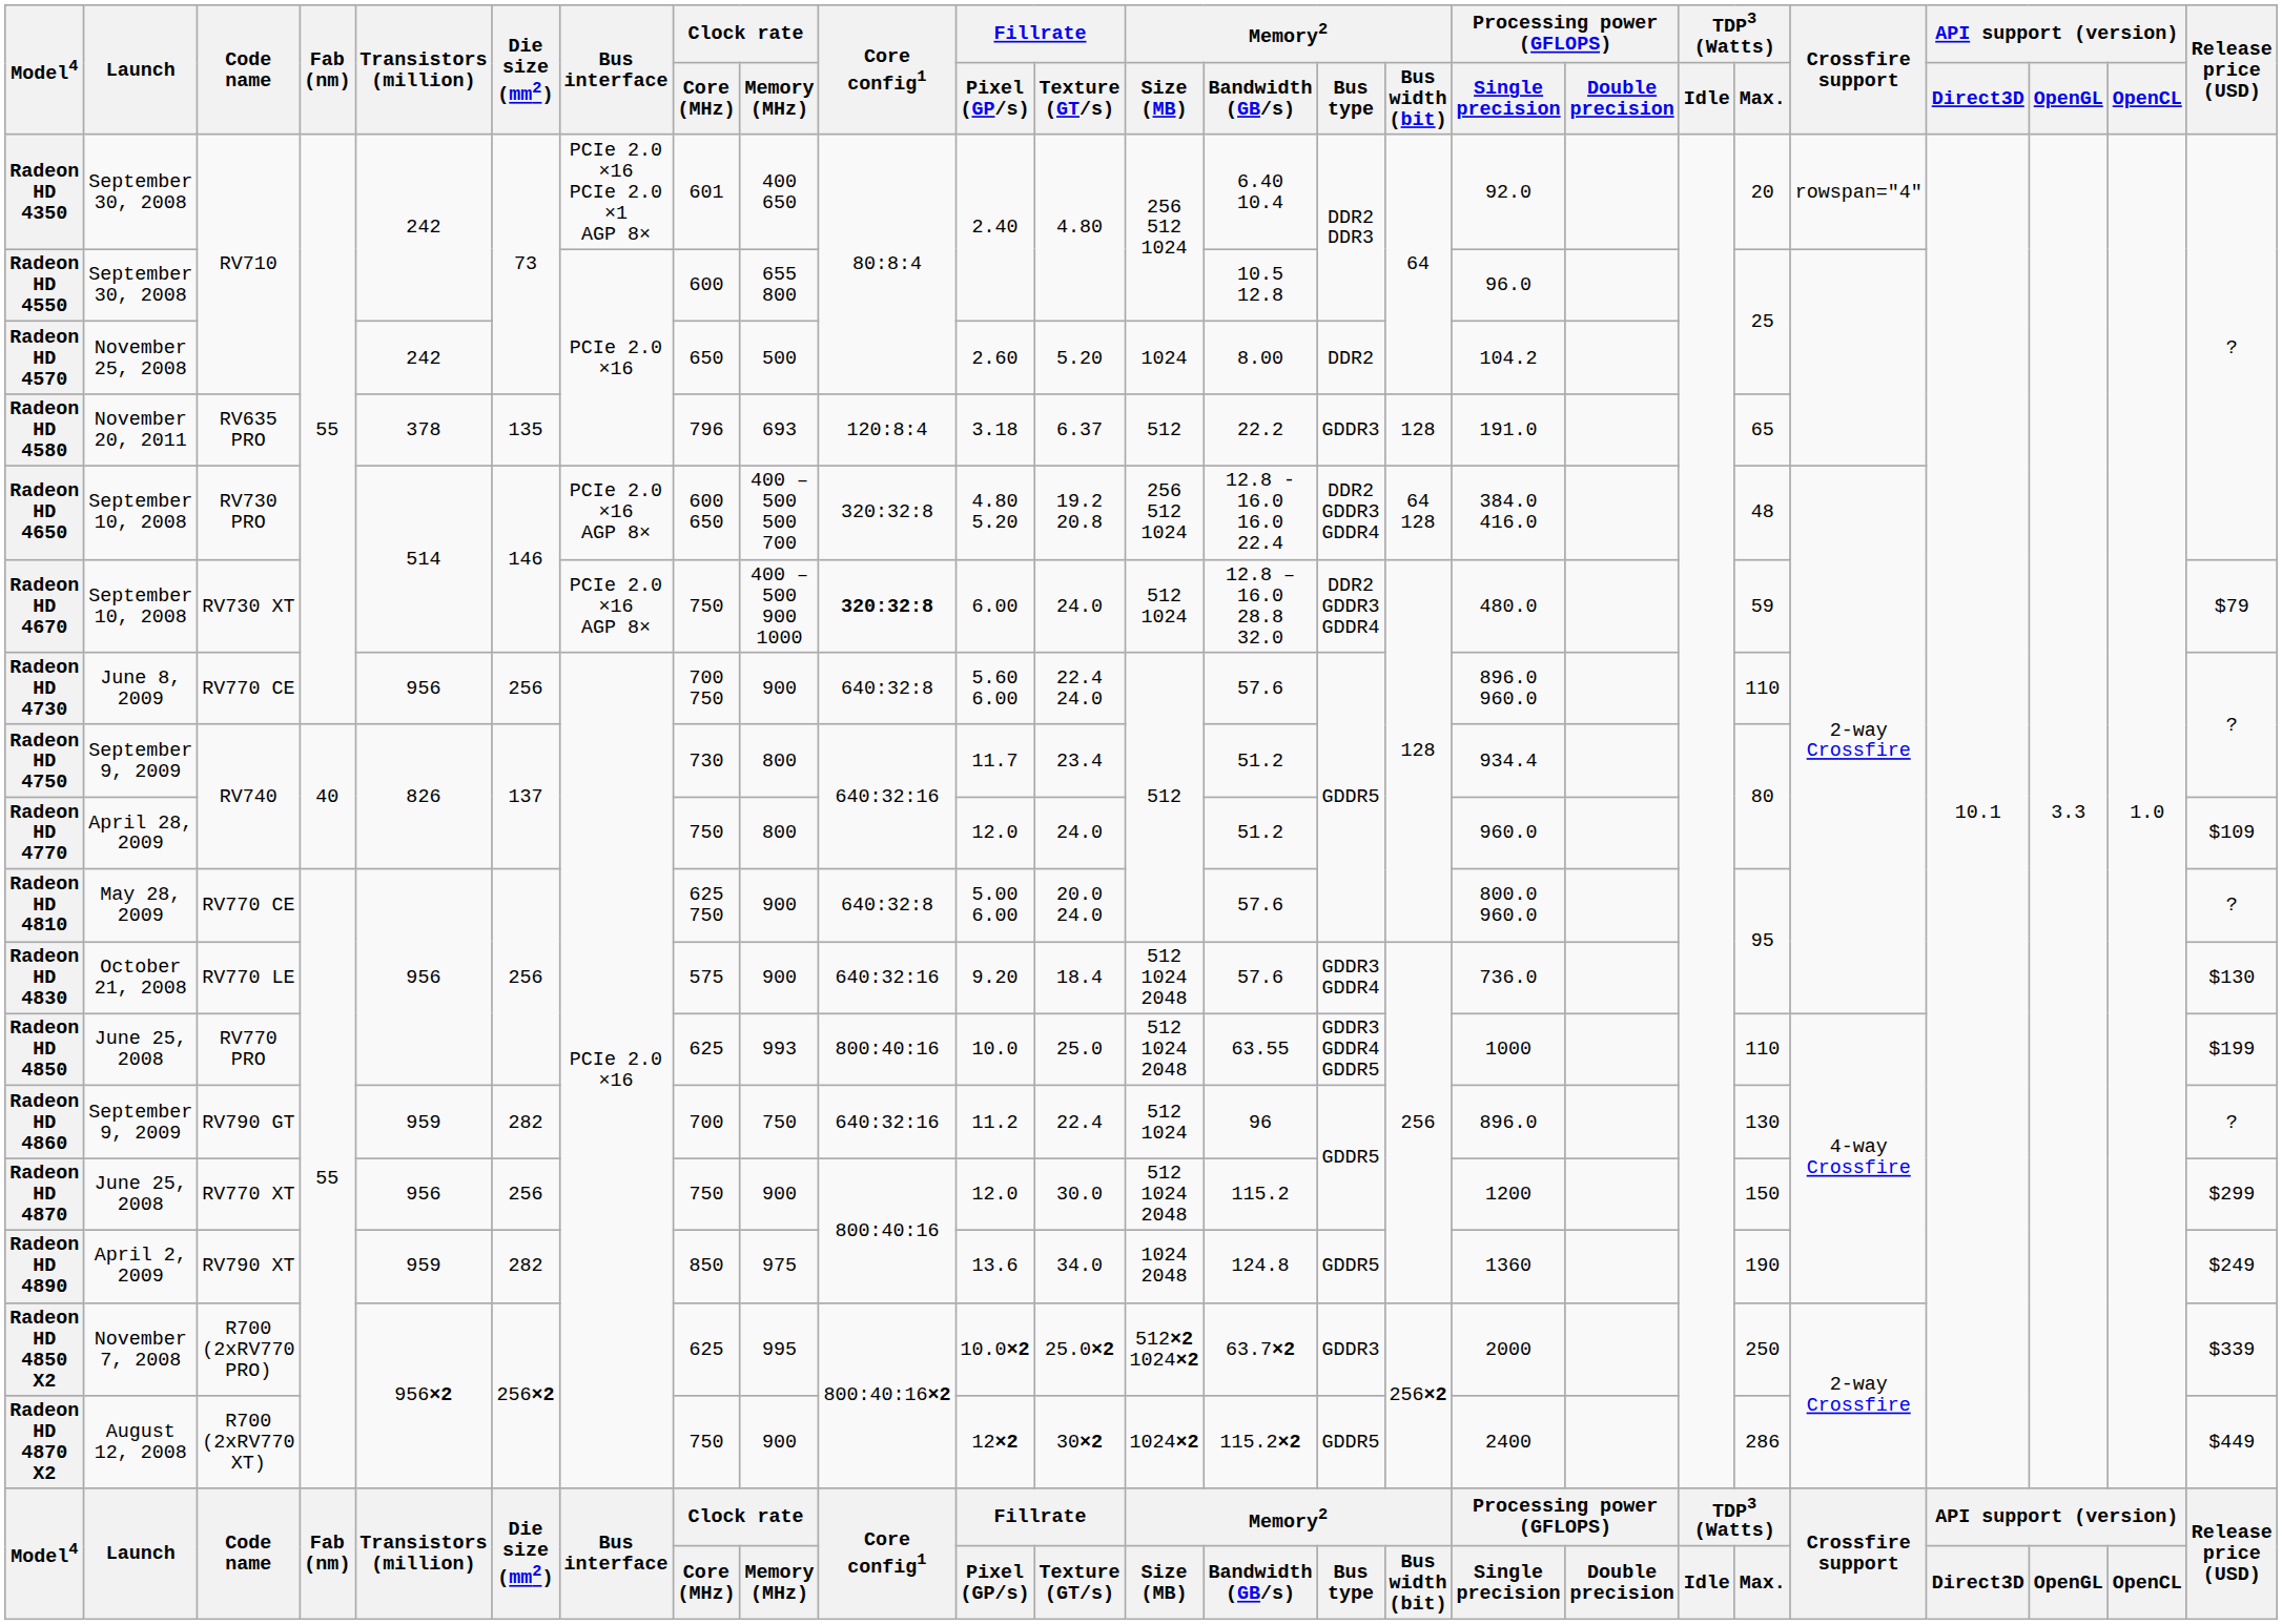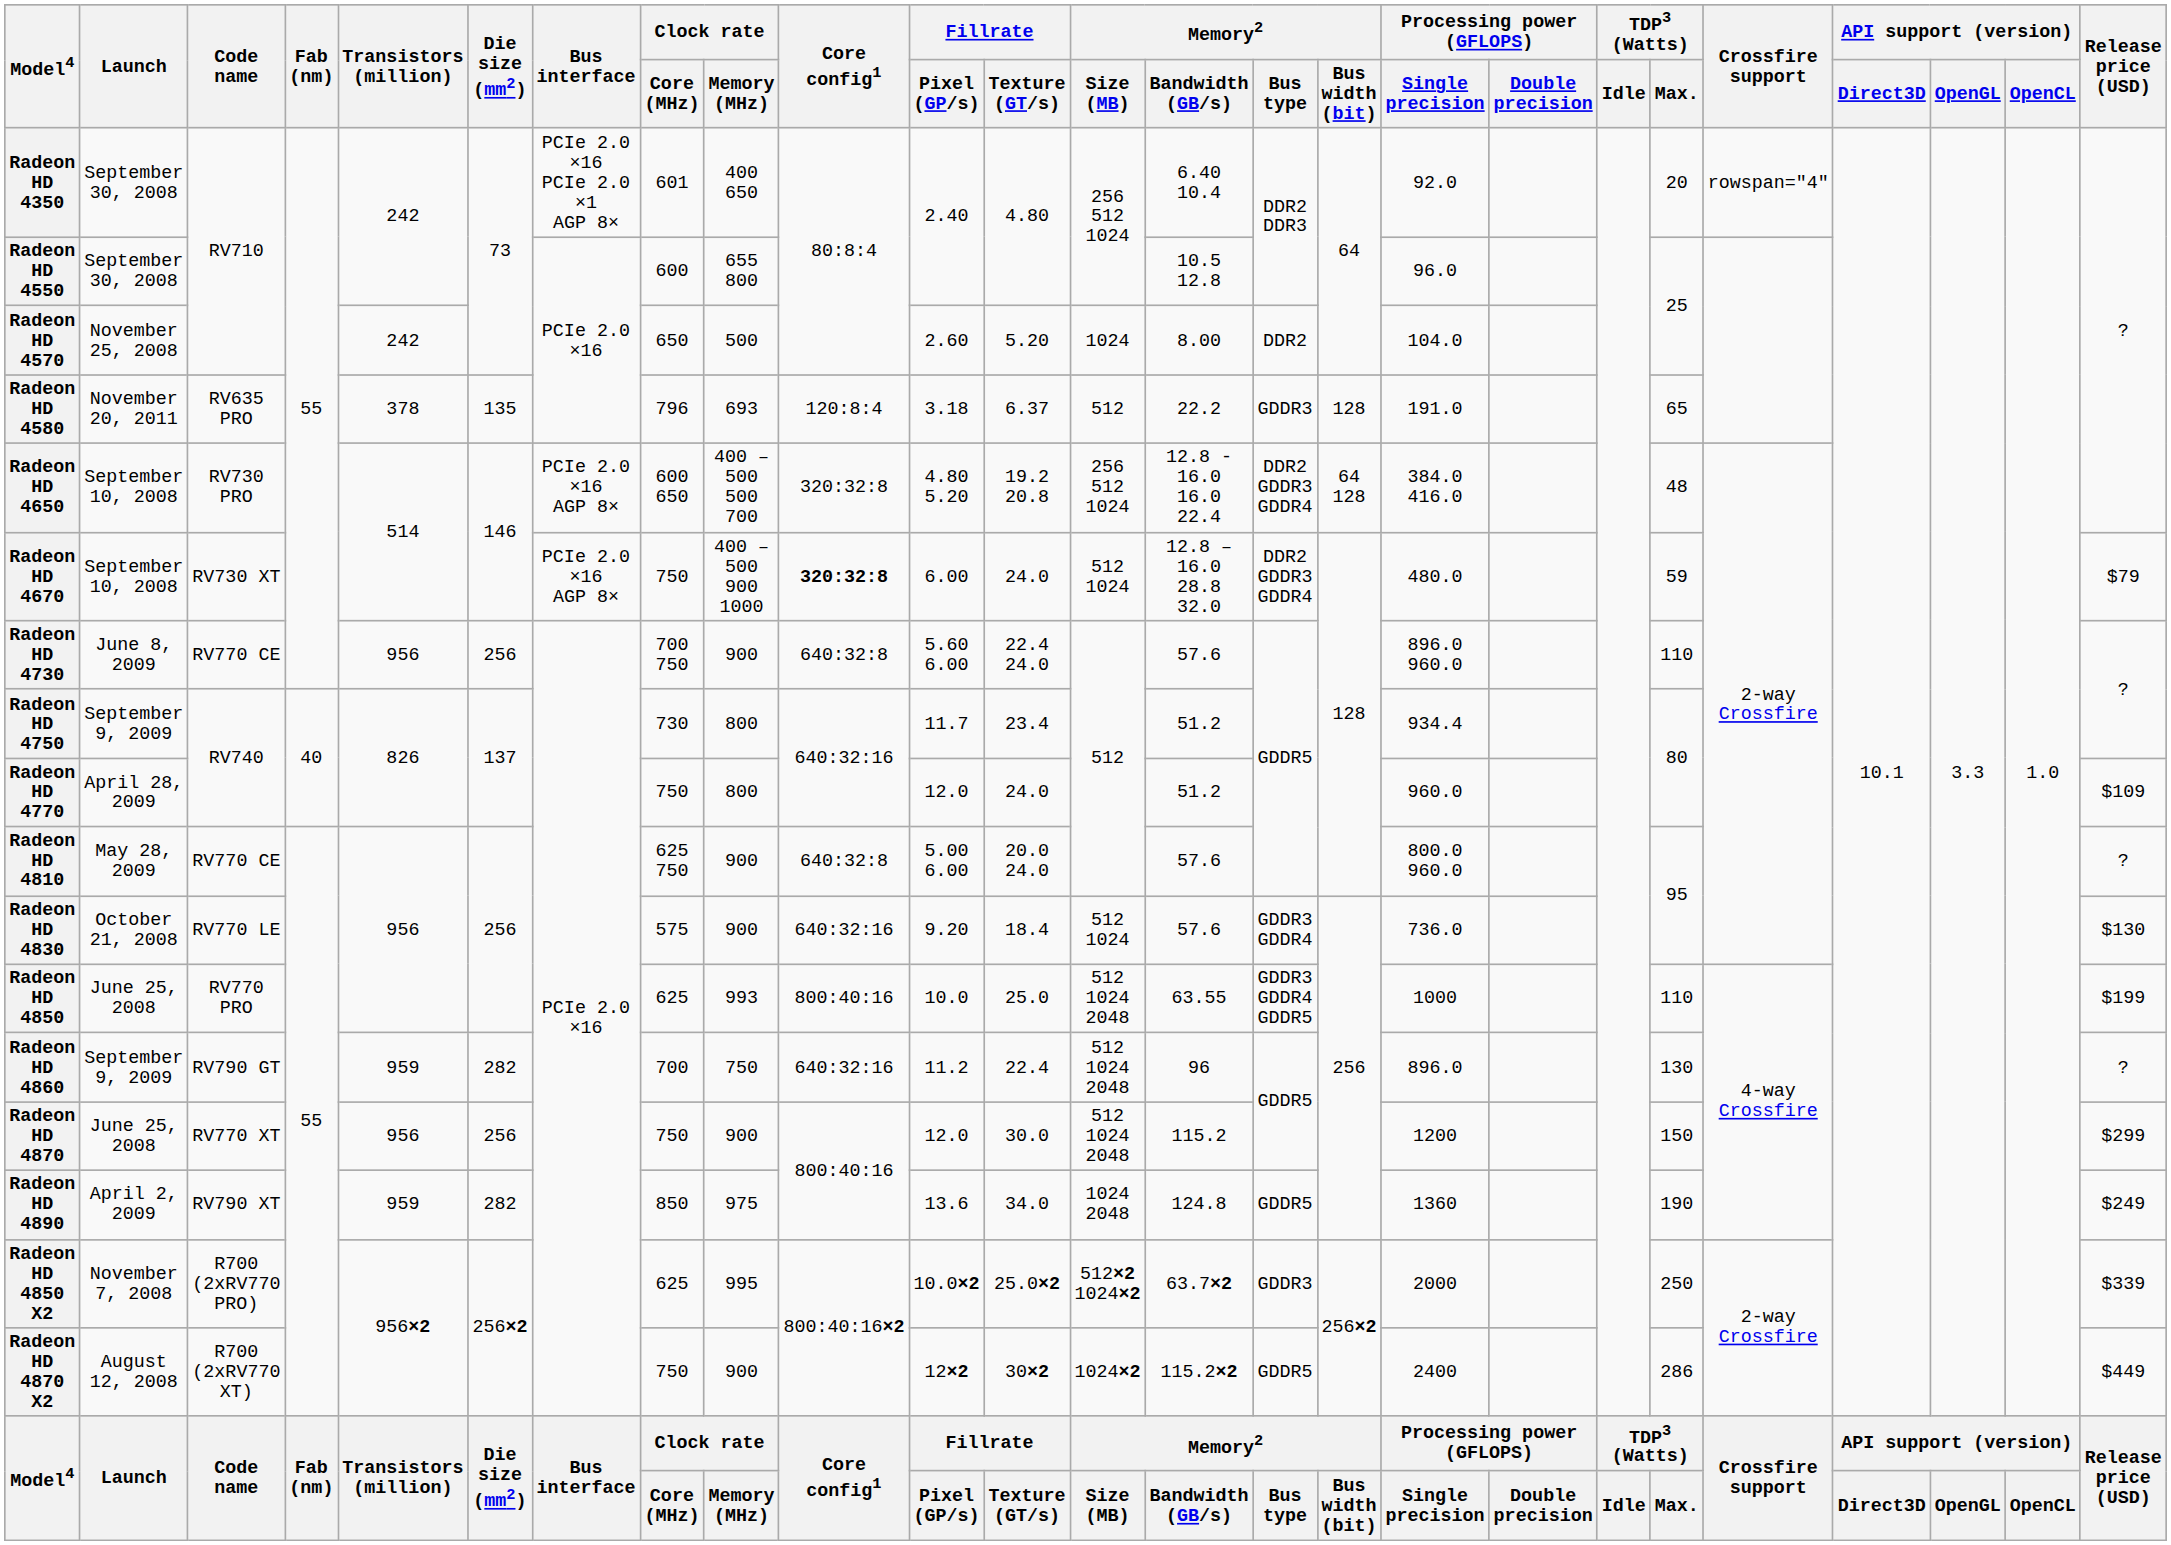 <table class="mw-datatable wikitable sortable sort-under" style="font-size:85%; text-align:center;">
 <tr>
 <th rowspan="2">Model<sup>4</sup></th>
 <th rowspan="2">Launch</th>
 <th rowspan="2">Code name</th>
 <th rowspan="2">Fab (nm)</th>
 <th rowspan="2">Transistors (million)</th>
 <th rowspan="2">Die size (<a href='#'>mm<sup>2</sup></a>)</th>
 <th rowspan="2">Bus interface</th>
 <th colspan="2">Clock rate</th>
 <th rowspan="2">Core config<sup>1</sup></th>
 <th colspan="2"><a href='#'>Fillrate</a></th>
 <th colspan="4">Memory<sup>2</sup></th>
 <th colspan="2">Processing power<br>(<a href='#'>GFLOPS</a>)</th>
 <th colspan="2">TDP<sup>3</sup> (Watts)</th>
 <th rowspan="2">Crossfire support</th>
 <th colspan="3"><a href='#'>API</a> support (version)</th>
 <th rowspan="2">Release price (USD)</th>
 </tr>
 <tr>
 <th>Core (MHz)</th>
 <th>Memory (MHz)</th>
 <th>Pixel (<a href='#'>GP</a>/s)</th>
 <th>Texture (<a href='#'>GT</a>/s)</th>
 <th>Size (<a href='#'>MB</a>)</th>
 <th>Bandwidth (<a href='#'>GB</a>/s)</th>
 <th>Bus type</th>
 <th>Bus width (<a href='#'>bit</a>)</th>
 <th><a href='#'>Single precision</a></th>
 <th><a href='#'>Double precision</a></th>
 <th>Idle</th>
 <th>Max.</th>
 <th><a href='#'>Direct3D</a></th>
 <th><a href='#'>OpenGL</a></th>
 <th><a href='#'>OpenCL</a></th>
 </tr>
 <tr>
 <th>Radeon HD 4350</th>
 <td>September 30, 2008</td>
 <td rowspan="3">RV710</td>
 <td rowspan="7">55</td>
 <td rowspan="2">242</td>
 <td rowspan="3">73</td>
 <td>PCIe 2.0 ×16<br>PCIe 2.0 ×1<br>AGP 8×</td>
 <td>601</td>
 <td>400<br>650</td>
 <td rowspan="3">80:8:4</td>
 <td rowspan="2">2.40</td>
 <td rowspan="2">4.80</td>
 <td rowspan="2">256<br>512<br>1024</td>
 <td>6.40<br>10.4</td>
 <td rowspan="2">DDR2<br>DDR3</td>
 <td rowspan="3">64</td>
 <td>92.0</td>
 <td></td>
 <td rowspan="17"></td>
 <td>20</td>
 <td>rowspan="4" </td>
 <td rowspan="17">10.1</td>
 <td rowspan="17">3.3</td>
 <td rowspan="17">1.0</td>
 <td rowspan="5">?</td>
 </tr>
 <tr>
 <th>Radeon HD 4550</th>
 <td>September 30, 2008</td>
 <td rowspan="3">PCIe 2.0 ×16</td>
 <td>600</td>
 <td>655<br>800</td>
 <td>10.5<br>12.8</td>
 <td>96.0</td>
 <td></td>
 <td rowspan="2">25</td>
 </tr>
 <tr>
 <th>Radeon HD 4570</th>
 <td>November 25, 2008</td>
 <td>242</td>
 <td>650</td>
 <td>500</td>
 <td>2.60</td>
 <td>5.20</td>
 <td>1024</td>
 <td>8.00</td>
 <td>DDR2</td>
-<td>104.2</td>
+<td>104.0</td>
 <td></td>
 </tr>
 <tr>
 <th>Radeon HD 4580</th>
 <td>November 20, 2011</td>
 <td>RV635 PRO</td>
 <td>378</td>
 <td>135</td>
 <td>796</td>
 <td>693</td>
 <td>120:8:4</td>
 <td>3.18</td>
 <td>6.37</td>
 <td>512</td>
 <td>22.2</td>
 <td>GDDR3</td>
 <td>128</td>
 <td>191.0</td>
 <td></td>
 <td>65</td>
 </tr>
 <tr>
 <th>Radeon HD 4650</th>
 <td>September 10, 2008</td>
 <td>RV730 PRO</td>
 <td rowspan="2">514</td>
 <td rowspan="2">146</td>
 <td>PCIe 2.0 ×16<br>AGP 8×</td>
 <td>600<br>650</td>
 <td>400 – 500<br>500<br>700</td>
 <td>320:32:8</td>
 <td>4.80<br>5.20</td>
 <td>19.2<br>20.8</td>
 <td>256<br>512<br>1024</td>
 <td>12.8 - 16.0<br>16.0<br>22.4</td>
 <td>DDR2<br>GDDR3<br>GDDR4</td>
 <td>64<br>128</td>
 <td>384.0<br>416.0</td>
 <td></td>
 <td>48</td>
 <td rowspan=7>2-way <a href='#'>Crossfire</a></td>
 </tr>
 <tr>
 <th>Radeon HD 4670</th>
 <td>September 10, 2008</td>
 <td>RV730 XT</td>
 <td>PCIe 2.0 ×16<br>AGP 8×</td>
 <td>750</td>
 <td>400 – 500<br>900<br>1000</td>
 <td><strong>320:32:8</strong></td>
 <td>6.00</td>
 <td>24.0</td>
 <td>512<br>1024</td>
 <td>12.8 – 16.0<br>28.8<br>32.0</td>
 <td>DDR2<br>GDDR3<br>GDDR4</td>
 <td rowspan="5">128</td>
 <td>480.0</td>
 <td></td>
 <td>59</td>
 <td>$79</td>
 </tr>
 <tr>
 <th>Radeon HD 4730</th>
 <td>June 8, 2009</td>
 <td>RV770 CE</td>
 <td>956</td>
 <td>256</td>
 <td rowspan="11">PCIe 2.0 ×16</td>
 <td>700<br>750</td>
 <td>900</td>
 <td>640:32:8</td>
 <td>5.60<br>6.00</td>
 <td>22.4<br>24.0</td>
 <td rowspan="4">512</td>
 <td>57.6</td>
 <td rowspan="4">GDDR5</td>
 <td>896.0<br>960.0</td>
 <td></td>
 <td>110</td>
 <td rowspan="2">?</td>
 </tr>
 <tr>
 <th>Radeon HD 4750</th>
 <td>September 9, 2009</td>
 <td rowspan="2">RV740</td>
 <td rowspan="2">40</td>
 <td rowspan="2">826</td>
 <td rowspan="2">137</td>
 <td>730</td>
 <td>800</td>
 <td rowspan="2">640:32:16</td>
 <td>11.7</td>
 <td>23.4</td>
 <td>51.2</td>
 <td>934.4</td>
 <td></td>
 <td rowspan="2">80</td>
 </tr>
 <tr>
 <th>Radeon HD 4770</th>
 <td>April 28, 2009</td>
 <td>750</td>
 <td>800</td>
 <td>12.0</td>
 <td>24.0</td>
 <td>51.2</td>
 <td>960.0</td>
 <td></td>
 <td>$109</td>
 </tr>
 <tr>
 <th>Radeon HD 4810</th>
 <td>May 28, 2009</td>
 <td>RV770 CE</td>
 <td rowspan="8">55</td>
 <td rowspan="3">956</td>
 <td rowspan="3">256</td>
 <td>625<br>750</td>
 <td>900</td>
 <td>640:32:8</td>
 <td>5.00<br>6.00</td>
 <td>20.0<br>24.0</td>
 <td>57.6</td>
 <td>800.0<br>960.0</td>
 <td></td>
 <td rowspan="2">95</td>
 <td>?</td>
 </tr>
 <tr>
 <th>Radeon HD 4830</th>
 <td>October 21, 2008</td>
 <td>RV770 LE</td>
 <td>575</td>
 <td>900</td>
 <td>640:32:16</td>
 <td>9.20</td>
 <td>18.4</td>
-<td>512<br>1024<br>2048</td>
+<td>512<br>1024</td>
 <td>57.6</td>
 <td>GDDR3<br>GDDR4</td>
 <td rowspan="5">256</td>
 <td>736.0</td>
 <td></td>
 <td>$130</td>
 </tr>
 <tr>
 <th>Radeon HD 4850</th>
 <td>June 25, 2008</td>
 <td>RV770 PRO</td>
 <td>625</td>
 <td>993</td>
 <td>800:40:16</td>
 <td>10.0</td>
 <td>25.0</td>
 <td>512<br>1024<br>2048</td>
 <td>63.55</td>
 <td>GDDR3<br>GDDR4<br>GDDR5</td>
 <td>1000</td>
 <td></td>
 <td>110</td>
 <td rowspan=4>4-way <a href='#'>Crossfire</a></td>
 <td>$199</td>
 </tr>
 <tr>
 <th>Radeon HD 4860</th>
 <td>September 9, 2009</td>
 <td>RV790 GT</td>
 <td>959</td>
 <td>282</td>
 <td>700</td>
 <td>750</td>
 <td>640:32:16</td>
 <td>11.2</td>
 <td>22.4</td>
-<td>512<br>1024</td>
+<td>512<br>1024<br>2048</td>
 <td>96</td>
 <td rowspan="2">GDDR5</td>
 <td>896.0</td>
 <td></td>
 <td>130</td>
 <td>?</td>
 </tr>
 <tr>
 <th>Radeon HD 4870</th>
 <td>June 25, 2008</td>
 <td>RV770 XT</td>
 <td>956</td>
 <td>256</td>
 <td>750</td>
 <td>900</td>
 <td rowspan="2">800:40:16</td>
 <td>12.0</td>
 <td>30.0</td>
 <td>512<br>1024<br>2048</td>
 <td>115.2</td>
 <td>1200</td>
 <td></td>
 <td>150</td>
 <td>$299</td>
 </tr>
 <tr>
 <th>Radeon HD 4890</th>
 <td>April 2, 2009</td>
 <td>RV790 XT</td>
 <td>959</td>
 <td>282</td>
 <td>850</td>
 <td>975</td>
 <td>13.6</td>
 <td>34.0</td>
 <td>1024<br>2048</td>
 <td>124.8</td>
 <td>GDDR5</td>
 <td>1360</td>
 <td></td>
 <td>190</td>
 <td>$249</td>
 </tr>
 <tr>
 <th>Radeon HD 4850 X2</th>
 <td>November 7, 2008</td>
 <td>R700 (2xRV770 PRO)</td>
 <td rowspan="2">956<strong>×2</strong></td>
 <td rowspan="2">256<strong>×2</strong></td>
 <td>625</td>
 <td>995</td>
 <td rowspan="2">800:40:16<strong>×2</strong></td>
 <td>10.0<strong>×2</strong></td>
 <td>25.0<strong>×2</strong></td>
 <td>512<strong>×2</strong><br>1024<strong>×2</strong></td>
 <td>63.7<strong>×2</strong></td>
 <td>GDDR3</td>
 <td rowspan="2">256<strong>×2</strong></td>
 <td>2000</td>
 <td></td>
 <td>250</td>
 <td rowspan=2>2-way <a href='#'>Crossfire</a></td>
 <td>$339</td>
 </tr>
 <tr>
 <th>Radeon HD 4870 X2</th>
 <td>August 12, 2008</td>
 <td>R700 (2xRV770 XT)</td>
 <td>750</td>
 <td>900</td>
 <td>12<strong>×2</strong></td>
 <td>30<strong>×2</strong></td>
 <td>1024<strong>×2</strong></td>
 <td>115.2<strong>×2</strong></td>
 <td>GDDR5</td>
 <td>2400</td>
 <td></td>
 <td>286</td>
 <td>$449</td>
 </tr>
 <tr>
 <th rowspan="2">Model<sup>4</sup></th>
 <th rowspan="2">Launch</th>
 <th rowspan="2">Code name</th>
 <th rowspan="2">Fab (nm)</th>
 <th rowspan="2">Transistors (million)</th>
 <th rowspan="2">Die size (<a href='#'>mm<sup>2</sup></a>)</th>
 <th rowspan="2">Bus interface</th>
 <th colspan="2">Clock rate</th>
 <th rowspan="2">Core config<sup>1</sup></th>
 <th colspan="2">Fillrate</th>
 <th colspan="4">Memory<sup>2</sup></th>
 <th colspan="2">Processing power<br>(GFLOPS)</th>
 <th colspan="2">TDP<sup>3</sup> (Watts)</th>
 <th rowspan="2">Crossfire support</th>
 <th colspan="3">API support (version)</th>
 <th rowspan="2">Release price (USD)</th>
 </tr>
 <tr>
 <th>Core (MHz)</th>
 <th>Memory (MHz)</th>
 <th>Pixel (GP/s)</th>
 <th>Texture (GT/s)</th>
 <th>Size (MB)</th>
 <th>Bandwidth (<a href='#'>GB</a>/s)</th>
 <th>Bus type</th>
 <th>Bus width (bit)</th>
 <th>Single precision</th>
 <th>Double precision</th>
 <th>Idle</th>
 <th>Max.</th>
 <th>Direct3D</th>
 <th>OpenGL</th>
 <th>OpenCL</th>
 </tr>
 </table>
